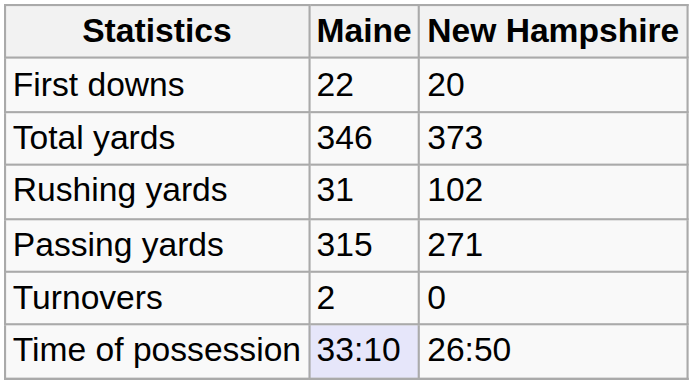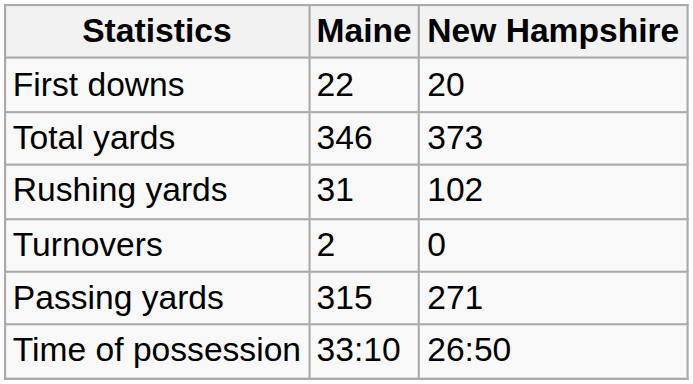 <table class="wikitable">
 <tr>
 <th>Statistics</th>
 <th>Maine</th>
 <th>New Hampshire</th>
 </tr>
 <tr>
 <td>First downs</td>
 <td>22</td>
 <td>20</td>
 </tr>
 <tr>
 <td>Total yards</td>
 <td>346</td>
 <td>373</td>
 </tr>
 <tr>
 <td>Rushing yards</td>
 <td>31</td>
 <td>102</td>
 </tr>
 <tr>
+<td>Turnovers</td>
+<td>2</td>
+<td>0</td>
+</tr>
+<tr>
 <td>Passing yards</td>
 <td>315</td>
 <td>271</td>
 </tr>
 <tr>
-<td>Turnovers</td>
-<td>2</td>
-<td>0</td>
-</tr>
-<tr>
 <td>Time of possession</td>
-<td style="background: lavender;">33:10</td>
+<td>33:10</td>
 <td>26:50</td>
 </tr>
 <tr>
 </tr>
 </table>
